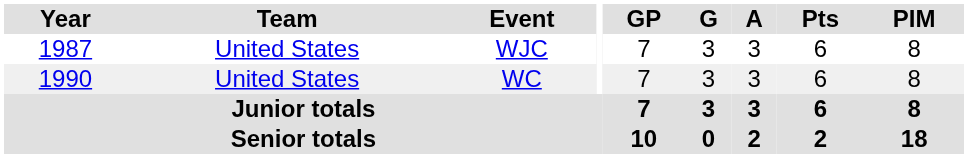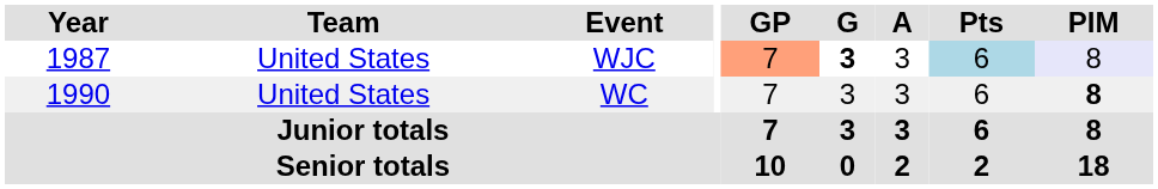 <table border="0" cellpadding="1" cellspacing="0" ID="Table3" style="text-align:center; width:40em">
 <tr bgcolor="#e0e0e0">
 <th>Year</th>
 <th>Team</th>
 <th>Event</th>
 <th rowspan="102" bgcolor="#ffffff"></th>
 <th>GP</th>
 <th>G</th>
 <th>A</th>
 <th>Pts</th>
 <th>PIM</th>
 </tr>
 <tr>
 <td><a href='#'>1987</a></td>
 <td><a href='#'>United States</a></td>
 <td><a href='#'>WJC</a></td>
-<td>7</td>
+<td style="background: lightsalmon;">7</td>
+<td><strong>3</strong></td>
 <td>3</td>
-<td>3</td>
-<td>6</td>
-<td>8</td>
+<td style="background: lightblue;">6</td>
+<td style="background: lavender;">8</td>
 </tr>
 <tr bgcolor="#f0f0f0">
 <td><a href='#'>1990</a></td>
 <td><a href='#'>United States</a></td>
 <td><a href='#'>WC</a></td>
 <td>7</td>
 <td>3</td>
 <td>3</td>
 <td>6</td>
-<td>8</td>
+<td><strong>8</strong></td>
 </tr>
 <tr bgcolor="#e0e0e0">
 <th colspan="4">Junior totals</th>
 <th>7</th>
 <th>3</th>
 <th>3</th>
 <th>6</th>
 <th>8</th>
 </tr>
 <tr bgcolor="#e0e0e0">
 <th colspan="4">Senior totals</th>
 <th>10</th>
 <th>0</th>
 <th>2</th>
 <th>2</th>
 <th>18</th>
 </tr>
 </table>
